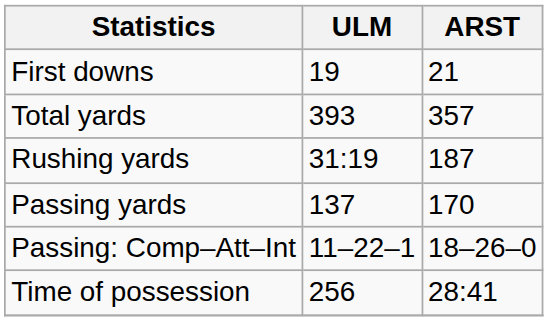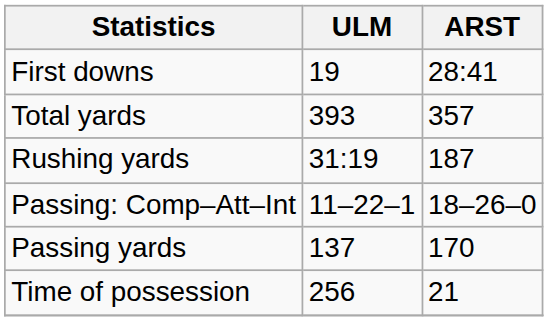 <table class="wikitable" style="float: left;">
 <tr>
 <th>Statistics</th>
 <th>ULM</th>
 <th>ARST</th>
 </tr>
 <tr>
 <td>First downs</td>
 <td>19</td>
-<td>21</td>
+<td>28:41</td>
 </tr>
 <tr>
 <td>Total yards</td>
 <td>393</td>
 <td>357</td>
 </tr>
 <tr>
 <td>Rushing yards</td>
 <td>31:19</td>
 <td>187</td>
 </tr>
 <tr>
+<td>Passing: Comp–Att–Int</td>
+<td>11–22–1</td>
+<td>18–26–0</td>
+</tr>
+<tr>
 <td>Passing yards</td>
 <td>137</td>
 <td>170</td>
 </tr>
 <tr>
-<td>Passing: Comp–Att–Int</td>
-<td>11–22–1</td>
-<td>18–26–0</td>
-</tr>
-<tr>
 <td>Time of possession</td>
 <td>256</td>
-<td>28:41</td>
+<td>21</td>
 </tr>
 <tr>
 </tr>
 </table>
